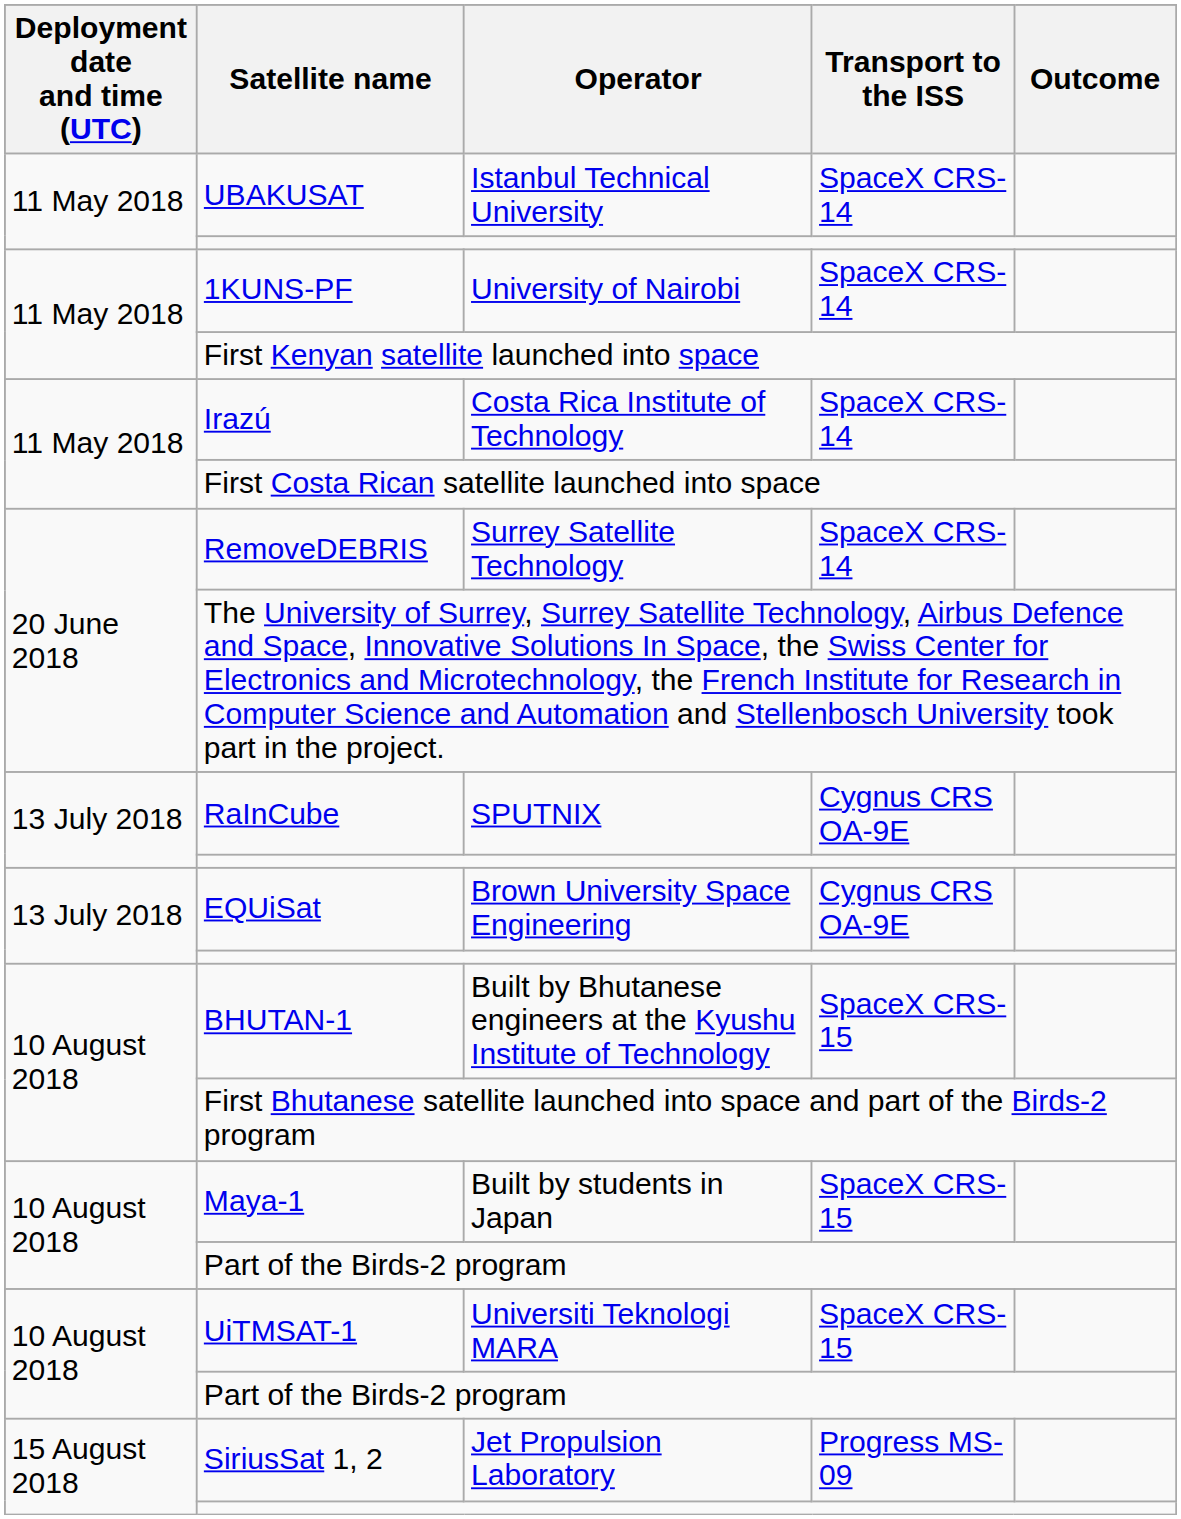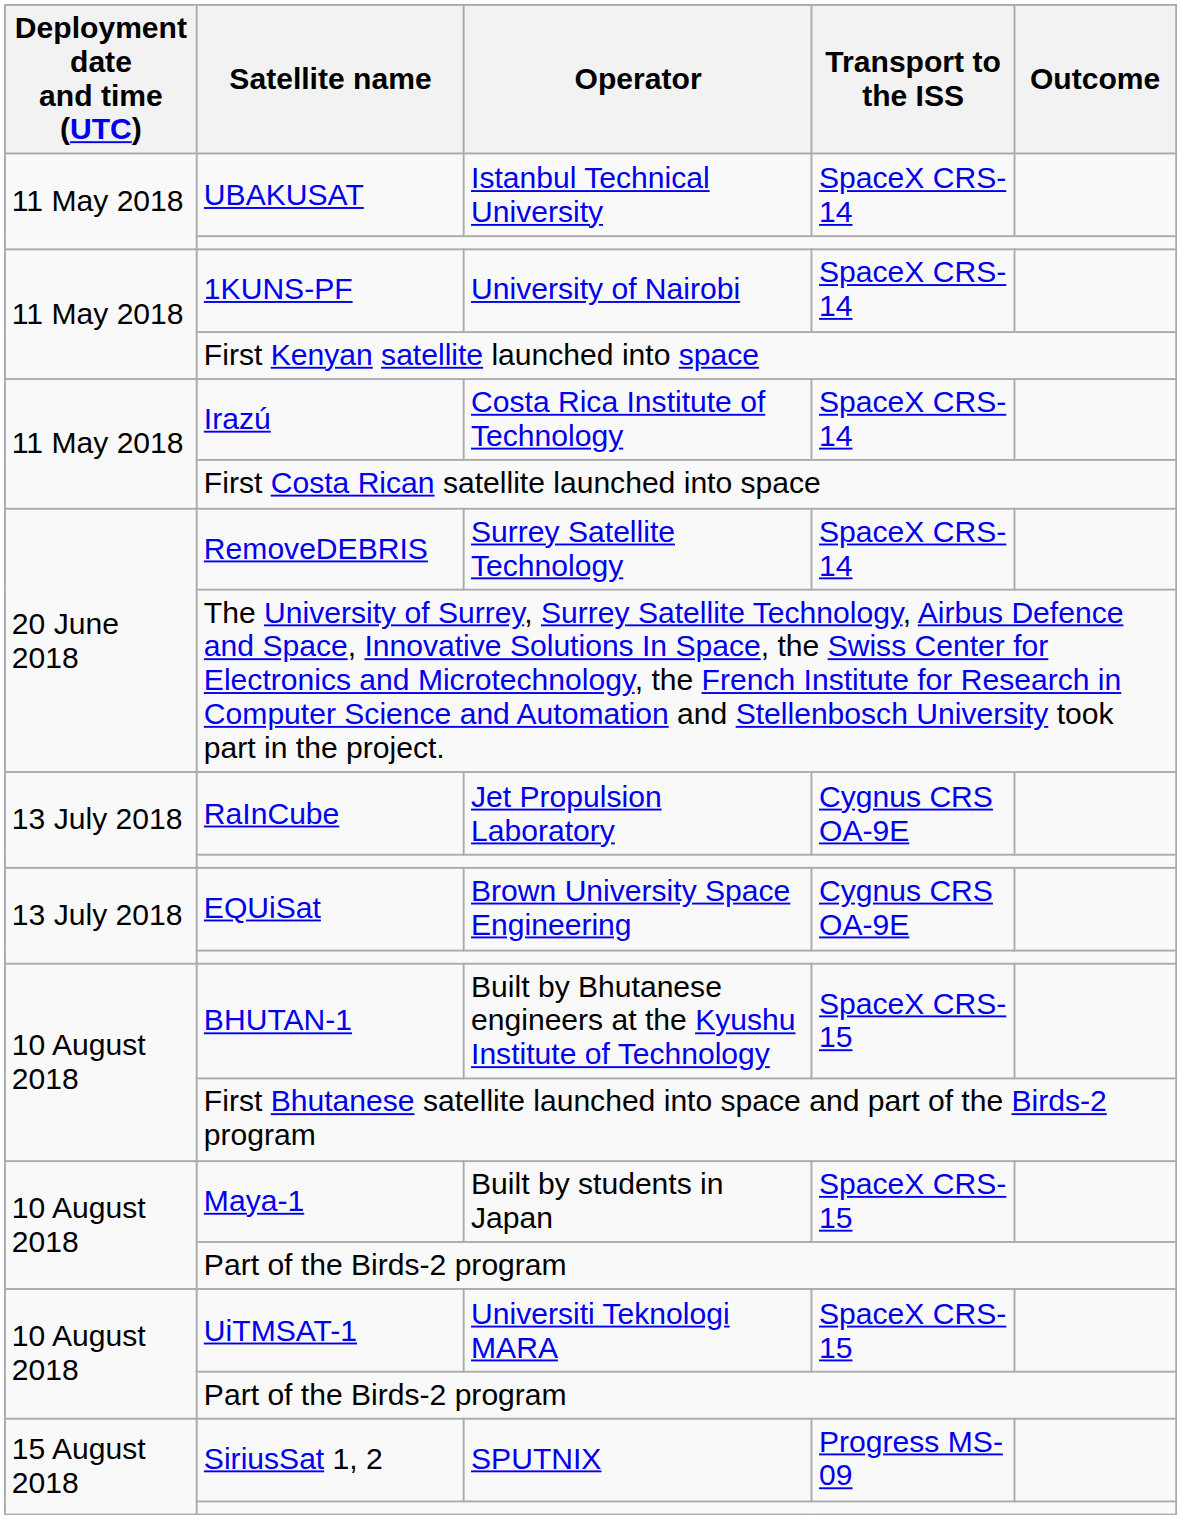 <table class="wikitable" style="width: 100%;">
 <tr>
 <th scope="col">Deployment date<br>and time (<a href='#'>UTC</a>)</th>
 <th scope="col">Satellite name</th>
 <th scope="col">Operator</th>
 <th scope="col">Transport to the ISS</th>
 <th scope="col">Outcome</th>
 </tr>
 <tr>
 <td rowspan=2>11 May 2018</td>
 <td> <a href='#'>UBAKUSAT</a></td>
 <td><a href='#'>Istanbul Technical University</a></td>
 <td><a href='#'>SpaceX CRS-14</a></td>
 <td></td>
 </tr>
 <tr>
 <td colspan=4></td>
 </tr>
 <tr>
 <td rowspan=2>11 May 2018</td>
 <td> <a href='#'>1KUNS-PF</a></td>
 <td><a href='#'>University of Nairobi</a></td>
 <td><a href='#'>SpaceX CRS-14</a></td>
 <td></td>
 </tr>
 <tr>
 <td colspan=4>First <a href='#'>Kenyan</a> <a href='#'>satellite</a> launched into <a href='#'>space</a></td>
 </tr>
 <tr>
 <td rowspan=2>11 May 2018</td>
 <td> <a href='#'>Irazú</a></td>
 <td><a href='#'>Costa Rica Institute of Technology</a></td>
 <td><a href='#'>SpaceX CRS-14</a></td>
 <td></td>
 </tr>
 <tr>
 <td colspan=4>First <a href='#'>Costa Rican</a> satellite launched into space</td>
 </tr>
 <tr>
 <td rowspan=2>20 June 2018</td>
 <td> <a href='#'>RemoveDEBRIS</a></td>
 <td><a href='#'>Surrey Satellite Technology</a></td>
 <td><a href='#'>SpaceX CRS-14</a></td>
 <td></td>
 </tr>
 <tr>
 <td colspan=4>The <a href='#'>University of Surrey</a>, <a href='#'>Surrey Satellite Technology</a>, <a href='#'>Airbus Defence and Space</a>, <a href='#'>Innovative Solutions In Space</a>, the <a href='#'>Swiss Center for Electronics and Microtechnology</a>, the <a href='#'>French Institute for Research in Computer Science and Automation</a> and <a href='#'>Stellenbosch University</a> took part in the project.</td>
 </tr>
 <tr>
 <td rowspan=2>13 July 2018</td>
 <td> <a href='#'>RaInCube</a></td>
-<td><a href='#'>SPUTNIX</a></td>
+<td><a href='#'>Jet Propulsion Laboratory</a></td>
 <td><a href='#'>Cygnus CRS OA-9E</a></td>
 <td></td>
 </tr>
 <tr>
 <td colspan=4></td>
 </tr>
 <tr>
 <td rowspan=2>13 July 2018</td>
 <td> <a href='#'>EQUiSat</a></td>
 <td><a href='#'>Brown University Space Engineering</a></td>
 <td><a href='#'>Cygnus CRS OA-9E</a></td>
 <td></td>
 </tr>
 <tr>
 <td colspan=4></td>
 </tr>
 <tr>
 <td rowspan=2>10 August 2018</td>
 <td> <a href='#'>BHUTAN-1</a></td>
 <td>Built by Bhutanese engineers at the <a href='#'>Kyushu Institute of Technology</a></td>
 <td><a href='#'>SpaceX CRS-15</a></td>
 <td></td>
 </tr>
 <tr>
 <td colspan=4>First <a href='#'>Bhutanese</a> satellite launched into space and part of the <a href='#'>Birds-2</a> program</td>
 </tr>
 <tr>
 <td rowspan=2>10 August 2018</td>
 <td> <a href='#'>Maya-1</a></td>
 <td>Built by students in Japan</td>
 <td><a href='#'>SpaceX CRS-15</a></td>
 <td></td>
 </tr>
 <tr>
 <td colspan=4>Part of the Birds-2 program</td>
 </tr>
 <tr>
 <td rowspan=2>10 August 2018</td>
 <td> <a href='#'>UiTMSAT-1</a></td>
 <td><a href='#'>Universiti Teknologi MARA</a></td>
 <td><a href='#'>SpaceX CRS-15</a></td>
 <td></td>
 </tr>
 <tr>
 <td colspan=4>Part of the Birds-2 program</td>
 </tr>
 <tr>
 <td rowspan=2>15 August 2018</td>
 <td> <a href='#'>SiriusSat</a> 1, 2</td>
-<td><a href='#'>Jet Propulsion Laboratory</a></td>
+<td><a href='#'>SPUTNIX</a></td>
 <td><a href='#'>Progress MS-09</a></td>
 <td></td>
 </tr>
 <tr>
 <td colspan=4></td>
 </tr>
 </table>
